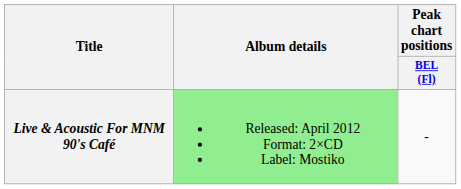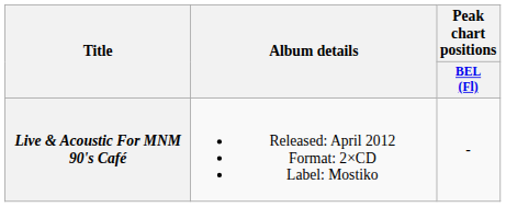 <table class="wikitable plainrowheaders" style="text-align:center;" border="1">
 <tr>
 <th scope="col" rowspan="2" style="width:12em;">Title</th>
 <th scope="col" rowspan="2" style="width:16em;">Album details</th>
 <th scope="col" colspan="1">Peak chart<br>positions</th>
 </tr>
 <tr>
 <th scope="col" style="width:3em; font-size:85%"><a href='#'>BEL<br>(Fl)</a><br></th>
 </tr>
 <tr>
 <th scope="row"><em>Live & Acoustic For MNM 90's Café</em></th>
-<td style="background: lightgreen;"><br><ul><li>Released: April 2012</li><li>Format: 2×CD</li><li>Label: Mostiko</li></ul></td>
+<td><br><ul><li>Released: April 2012</li><li>Format: 2×CD</li><li>Label: Mostiko</li></ul></td>
 <td>-</td>
 </tr>
 </table>
